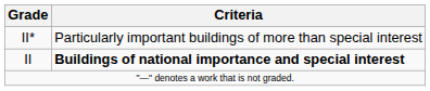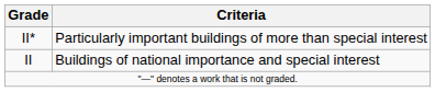 <table class="wikitable" border="1">
 <tr>
 <th>Grade</th>
 <th>Criteria</th>
 </tr>
 <tr>
 <td align="center" >II*</td>
 <td>Particularly important buildings of more than special interest</td>
 </tr>
 <tr>
 <td align="center" >II</td>
-<td><strong>Buildings of national importance and special interest</strong></td>
+<td>Buildings of national importance and special interest</td>
 </tr>
 <tr>
 <td align="center" colspan="14" style="font-size: 8pt">"—" denotes a work that is not graded.</td>
 </tr>
 </table>
